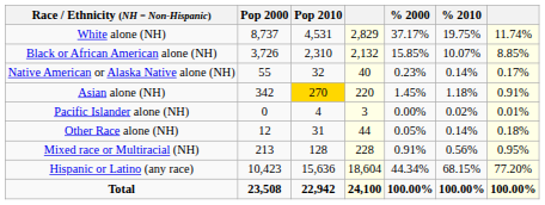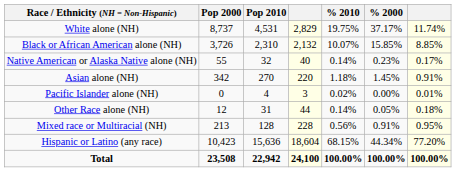 <table class="wikitable" style="text-align:center;">
 <tr>
 <th>Race / Ethnicity <small>(<em>NH = Non-Hispanic</em>)</small></th>
 <th>Pop 2000</th>
 <th>Pop 2010</th>
 <th></th>
+<th>% 2010</th>
 <th>% 2000</th>
-<th>% 2010</th>
 <th></th>
 </tr>
 <tr>
 <td><a href='#'>White</a> alone (NH)</td>
 <td>8,737</td>
 <td>4,531</td>
 <td style='background: #ffffe6;'>2,829</td>
+<td>19.75%</td>
 <td>37.17%</td>
-<td>19.75%</td>
 <td style='background: #ffffe6;'>11.74%</td>
 </tr>
 <tr>
 <td><a href='#'>Black or African American</a> alone (NH)</td>
 <td>3,726</td>
 <td>2,310</td>
 <td style='background: #ffffe6;'>2,132</td>
+<td>10.07%</td>
 <td>15.85%</td>
-<td>10.07%</td>
 <td style='background: #ffffe6;'>8.85%</td>
 </tr>
 <tr>
 <td><a href='#'>Native American</a> or <a href='#'>Alaska Native</a> alone (NH)</td>
 <td>55</td>
 <td>32</td>
 <td style='background: #ffffe6;'>40</td>
+<td>0.14%</td>
 <td>0.23%</td>
-<td>0.14%</td>
 <td style='background: #ffffe6;'>0.17%</td>
 </tr>
 <tr>
 <td><a href='#'>Asian</a> alone (NH)</td>
 <td>342</td>
-<td style="background: gold;">270</td>
+<td>270</td>
 <td style='background: #ffffe6;'>220</td>
+<td>1.18%</td>
 <td>1.45%</td>
-<td>1.18%</td>
 <td style='background: #ffffe6;'>0.91%</td>
 </tr>
 <tr>
 <td><a href='#'>Pacific Islander</a> alone (NH)</td>
 <td>0</td>
 <td>4</td>
 <td style='background: #ffffe6;'>3</td>
+<td>0.02%</td>
 <td>0.00%</td>
-<td>0.02%</td>
 <td style='background: #ffffe6;'>0.01%</td>
 </tr>
 <tr>
 <td><a href='#'>Other Race</a> alone (NH)</td>
 <td>12</td>
 <td>31</td>
 <td style='background: #ffffe6;'>44</td>
+<td>0.14%</td>
 <td>0.05%</td>
-<td>0.14%</td>
 <td style='background: #ffffe6;'>0.18%</td>
 </tr>
 <tr>
 <td><a href='#'>Mixed race or Multiracial</a> (NH)</td>
 <td>213</td>
 <td>128</td>
 <td style='background: #ffffe6;'>228</td>
+<td>0.56%</td>
 <td>0.91%</td>
-<td>0.56%</td>
 <td style='background: #ffffe6;'>0.95%</td>
 </tr>
 <tr>
 <td><a href='#'>Hispanic or Latino</a> (any race)</td>
 <td>10,423</td>
 <td>15,636</td>
 <td style='background: #ffffe6;'>18,604</td>
+<td>68.15%</td>
 <td>44.34%</td>
-<td>68.15%</td>
 <td style='background: #ffffe6;'>77.20%</td>
 </tr>
 <tr>
 <td><strong>Total</strong></td>
 <td><strong>23,508</strong></td>
 <td><strong>22,942</strong></td>
 <td style='background: #ffffe6;'><strong>24,100</strong></td>
 <td><strong>100.00%</strong></td>
 <td><strong>100.00%</strong></td>
 <td style='background: #ffffe6;'><strong>100.00%</strong></td>
 </tr>
 </table>
